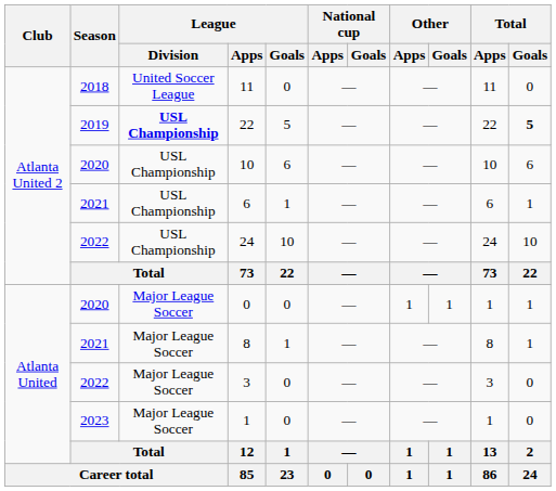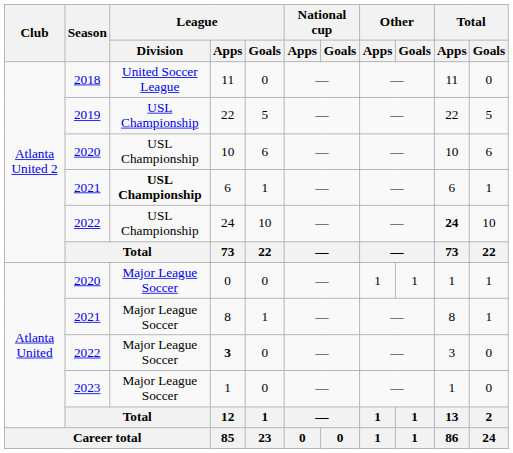 <table class=wikitable style=text-align:center>
 <tr>
 <th rowspan=2>Club</th>
 <th rowspan=2>Season</th>
 <th colspan=3>League</th>
 <th colspan=2>National cup</th>
 <th colspan=2>Other</th>
 <th colspan=2>Total</th>
 </tr>
 <tr>
 <th>Division</th>
 <th>Apps</th>
 <th>Goals</th>
 <th>Apps</th>
 <th>Goals</th>
 <th>Apps</th>
 <th>Goals</th>
 <th>Apps</th>
 <th>Goals</th>
 </tr>
 <tr>
 <td rowspan=6><a href='#'>Atlanta United 2</a></td>
 <td><a href='#'>2018</a></td>
 <td><a href='#'>United Soccer League</a></td>
 <td>11</td>
 <td>0</td>
 <td colspan=2>—</td>
 <td colspan=2>—</td>
 <td>11</td>
 <td>0</td>
 </tr>
 <tr>
 <td><a href='#'>2019</a></td>
-<td><strong><a href='#'>USL Championship</a></strong></td>
+<td><a href='#'>USL Championship</a></td>
 <td>22</td>
 <td>5</td>
 <td colspan=2>—</td>
 <td colspan=2>—</td>
 <td>22</td>
-<td><strong>5</strong></td>
+<td>5</td>
 </tr>
 <tr>
 <td><a href='#'>2020</a></td>
 <td>USL Championship</td>
 <td>10</td>
 <td>6</td>
 <td colspan=2>—</td>
 <td colspan=2>—</td>
 <td>10</td>
 <td>6</td>
 </tr>
 <tr>
 <td><a href='#'>2021</a></td>
-<td>USL Championship</td>
+<td><strong>USL Championship</strong></td>
 <td>6</td>
 <td>1</td>
 <td colspan=2>—</td>
 <td colspan=2>—</td>
 <td>6</td>
 <td>1</td>
 </tr>
 <tr>
 <td><a href='#'>2022</a></td>
 <td>USL Championship</td>
 <td>24</td>
 <td>10</td>
 <td colspan=2>—</td>
 <td colspan=2>—</td>
-<td>24</td>
+<td><strong>24</strong></td>
 <td>10</td>
 </tr>
 <tr>
 <th colspan=2>Total</th>
 <th>73</th>
 <th>22</th>
 <th colspan=2>—</th>
 <th colspan=2>—</th>
 <th>73</th>
 <th>22</th>
 </tr>
 <tr>
 <td rowspan=5><a href='#'>Atlanta United</a></td>
 <td><a href='#'>2020</a></td>
 <td><a href='#'>Major League Soccer</a></td>
 <td>0</td>
 <td>0</td>
 <td colspan=2>—</td>
 <td>1</td>
 <td>1</td>
 <td>1</td>
 <td>1</td>
 </tr>
 <tr>
 <td><a href='#'>2021</a></td>
 <td>Major League Soccer</td>
 <td>8</td>
 <td>1</td>
 <td colspan=2>—</td>
 <td colspan=2>—</td>
 <td>8</td>
 <td>1</td>
 </tr>
 <tr>
 <td><a href='#'>2022</a></td>
 <td>Major League Soccer</td>
-<td>3</td>
+<td><strong>3</strong></td>
 <td>0</td>
 <td colspan=2>—</td>
 <td colspan=2>—</td>
 <td>3</td>
 <td>0</td>
 </tr>
 <tr>
 <td><a href='#'>2023</a></td>
 <td>Major League Soccer</td>
 <td>1</td>
 <td>0</td>
 <td colspan=2>—</td>
 <td colspan=2>—</td>
 <td>1</td>
 <td>0</td>
 </tr>
 <tr>
 <th colspan=2>Total</th>
 <th>12</th>
 <th>1</th>
 <th colspan=2>—</th>
 <th>1</th>
 <th>1</th>
 <th>13</th>
 <th>2</th>
 </tr>
 <tr>
 <th colspan=3>Career total</th>
 <th>85</th>
 <th>23</th>
 <th>0</th>
 <th>0</th>
 <th>1</th>
 <th>1</th>
 <th>86</th>
 <th>24</th>
 </tr>
 </table>
